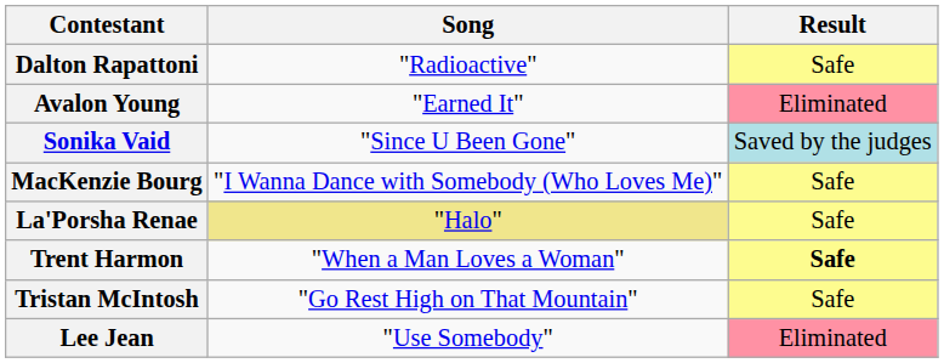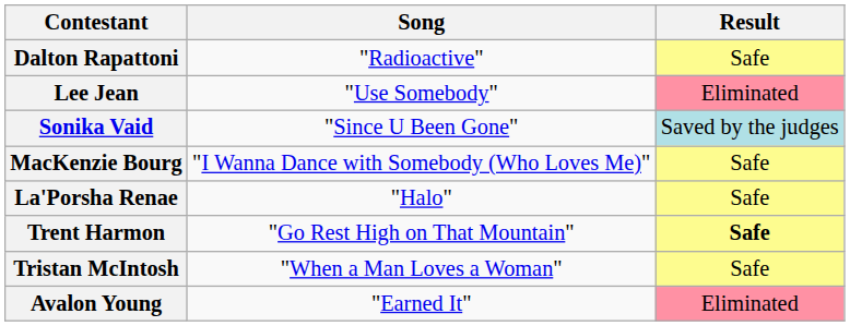 <table class="wikitable unsortable" style="text-align:center;">
 <tr>
 <th scope="col">Contestant</th>
 <th scope="col">Song</th>
 <th scope="col">Result</th>
 </tr>
 <tr>
 <th scope="row">Dalton Rapattoni</th>
 <td>"<a href='#'>Radioactive</a>"</td>
 <td style="background:#FDFC8F">Safe</td>
 </tr>
 <tr>
-<th scope="row">Avalon Young</th>
-<td>"<a href='#'>Earned It</a>"</td>
+<th scope="row">Lee Jean</th>
+<td>"<a href='#'>Use Somebody</a>"</td>
 <td bgcolor="FF91A4">Eliminated</td>
 </tr>
 <tr>
 <th scope="row"><a href='#'>Sonika Vaid</a></th>
 <td>"<a href='#'>Since U Been Gone</a>"</td>
 <td bgcolor="B0E0E6">Saved by the judges</td>
 </tr>
 <tr>
 <th scope="row">MacKenzie Bourg</th>
 <td>"<a href='#'>I Wanna Dance with Somebody (Who Loves Me)</a>"</td>
 <td style="background:#FDFC8F">Safe</td>
 </tr>
 <tr>
 <th scope="row">La'Porsha Renae</th>
-<td style="background: khaki;">"<a href='#'>Halo</a>"</td>
+<td>"<a href='#'>Halo</a>"</td>
 <td style="background:#FDFC8F">Safe</td>
 </tr>
 <tr>
 <th scope="row">Trent Harmon</th>
-<td>"<a href='#'>When a Man Loves a Woman</a>"</td>
+<td>"<a href='#'>Go Rest High on That Mountain</a>"</td>
 <td style="background:#FDFC8F"><strong>Safe</strong></td>
 </tr>
 <tr>
 <th scope="row">Tristan McIntosh</th>
-<td>"<a href='#'>Go Rest High on That Mountain</a>"</td>
+<td>"<a href='#'>When a Man Loves a Woman</a>"</td>
 <td style="background:#FDFC8F">Safe</td>
 </tr>
 <tr>
-<th scope="row">Lee Jean</th>
-<td>"<a href='#'>Use Somebody</a>"</td>
+<th scope="row">Avalon Young</th>
+<td>"<a href='#'>Earned It</a>"</td>
 <td bgcolor="FF91A4">Eliminated</td>
 </tr>
 </table>
